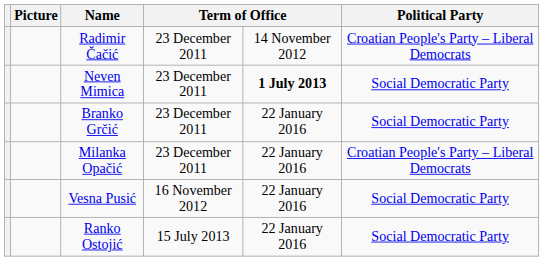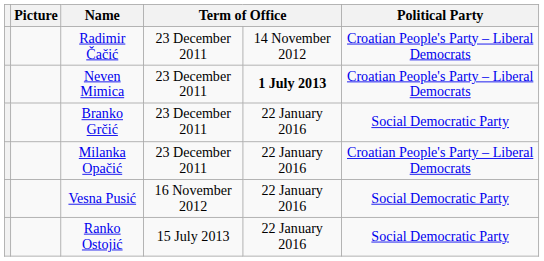 <table class="wikitable" style="text-align:center">
 <tr>
 <th></th>
 <th>Picture</th>
 <th>Name<br></th>
 <th colspan="2">Term of Office</th>
 <th>Political Party</th>
 </tr>
 <tr>
 <th style="background:"></th>
 <td></td>
 <td><a href='#'>Radimir Čačić</a><br></td>
 <td>23 December 2011</td>
 <td>14 November 2012</td>
 <td><a href='#'>Croatian People's Party – Liberal Democrats</a></td>
 </tr>
 <tr>
 <th style="background:"></th>
 <td></td>
 <td><a href='#'>Neven Mimica</a><br></td>
 <td>23 December 2011</td>
 <td><strong>1 July 2013</strong></td>
-<td><a href='#'>Social Democratic Party</a></td>
+<td><a href='#'>Croatian People's Party – Liberal Democrats</a></td>
 </tr>
 <tr>
 <th style="background:"></th>
 <td></td>
 <td><a href='#'>Branko Grčić</a><br></td>
 <td>23 December 2011</td>
 <td>22 January 2016</td>
 <td><a href='#'>Social Democratic Party</a></td>
 </tr>
 <tr>
 <th style="background:"></th>
 <td></td>
 <td><a href='#'>Milanka Opačić</a><br></td>
 <td>23 December 2011</td>
 <td>22 January 2016</td>
 <td><a href='#'>Croatian People's Party – Liberal Democrats</a></td>
 </tr>
 <tr>
 <th style="background:"></th>
 <td></td>
 <td><a href='#'>Vesna Pusić</a><br></td>
 <td>16 November 2012</td>
 <td>22 January 2016</td>
 <td><a href='#'>Social Democratic Party</a></td>
 </tr>
 <tr>
 <th style="background:"></th>
 <td></td>
 <td><a href='#'>Ranko Ostojić</a><br></td>
 <td>15 July 2013</td>
 <td>22 January 2016</td>
 <td><a href='#'>Social Democratic Party</a></td>
 </tr>
 </table>
